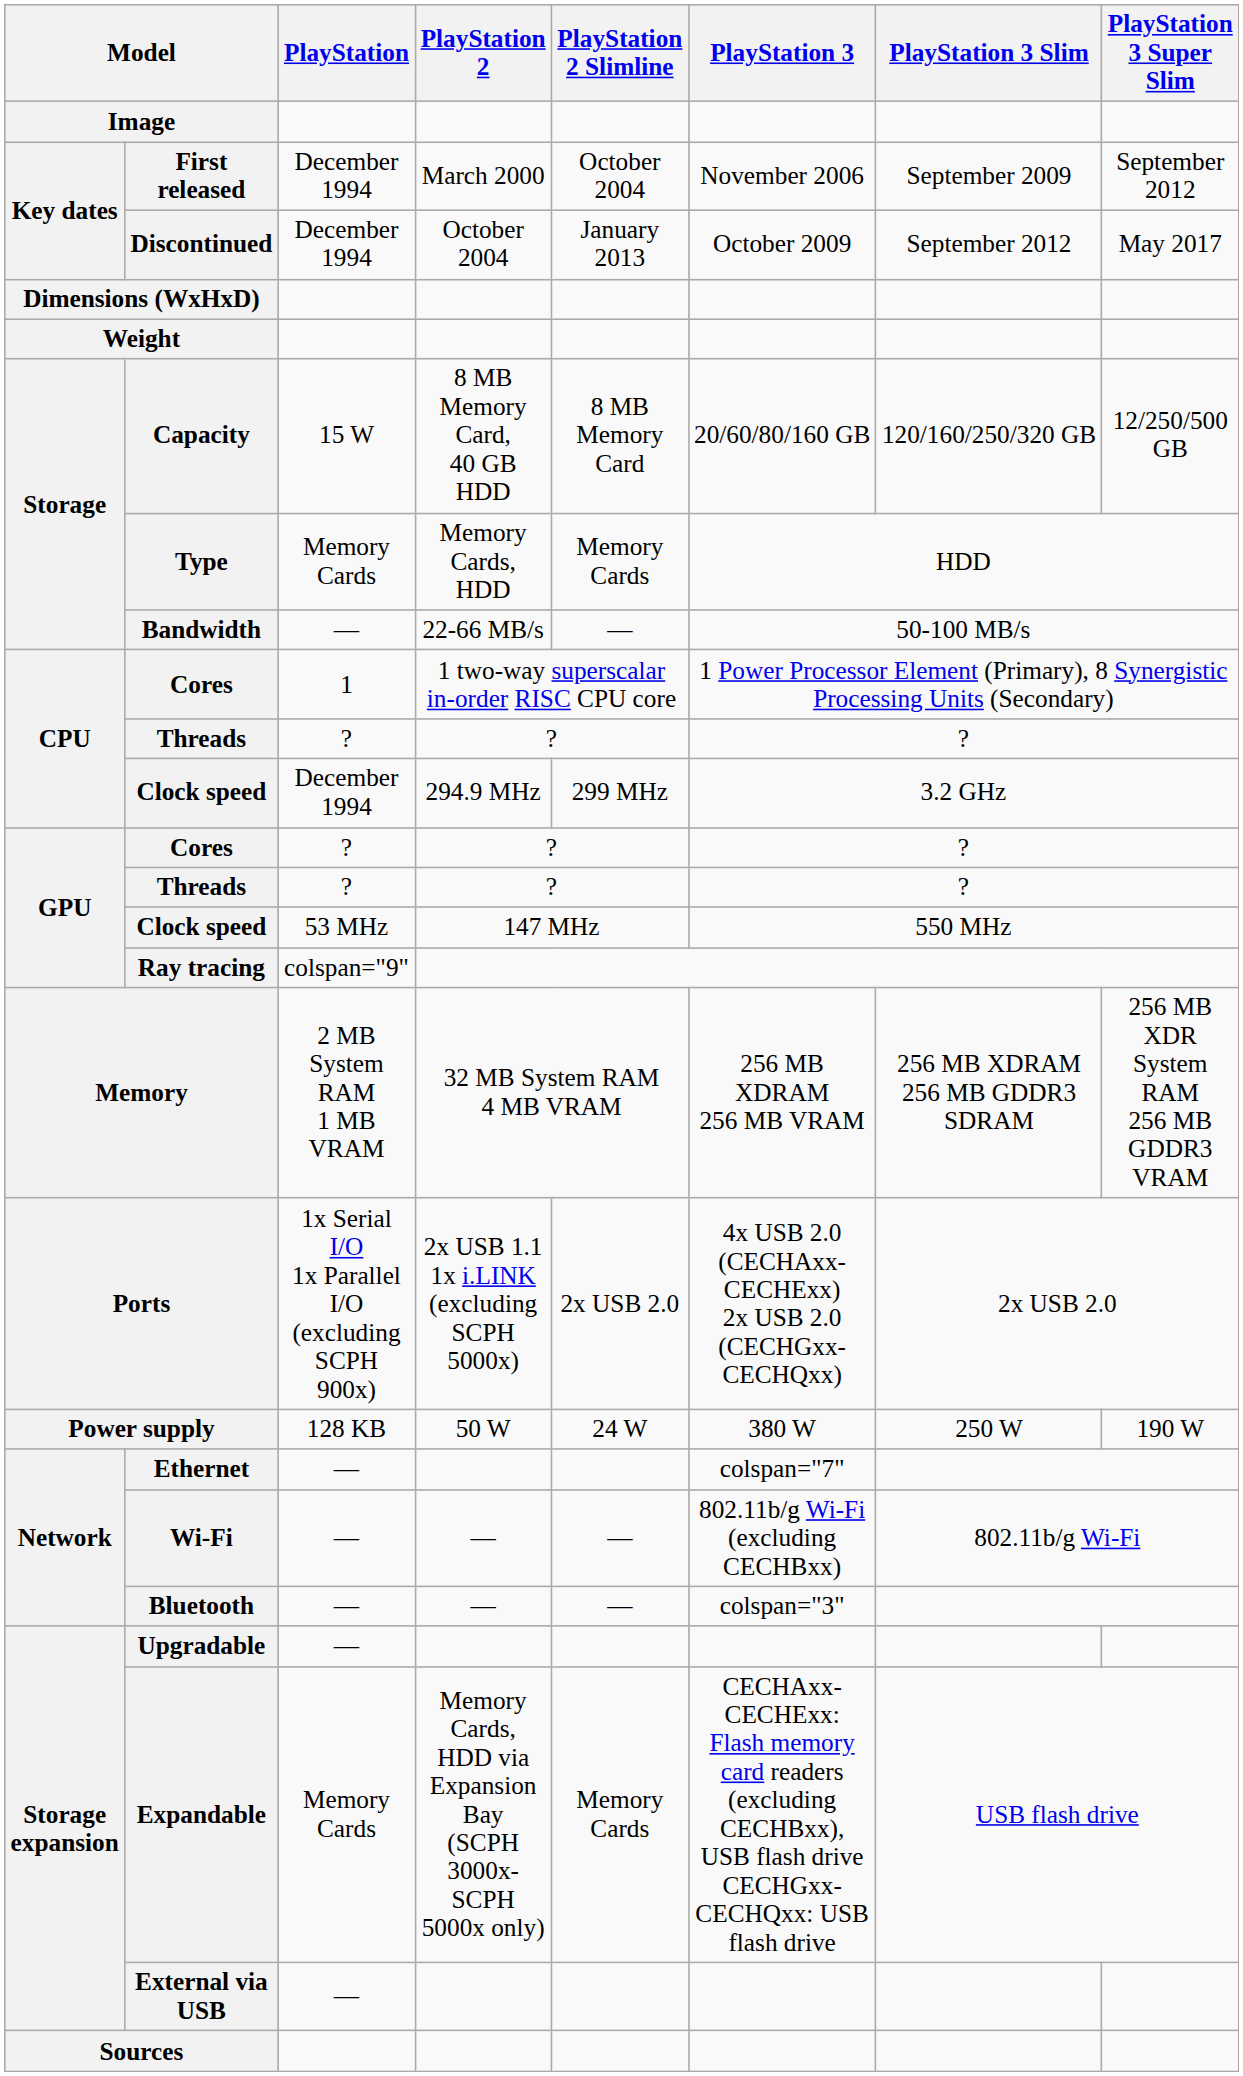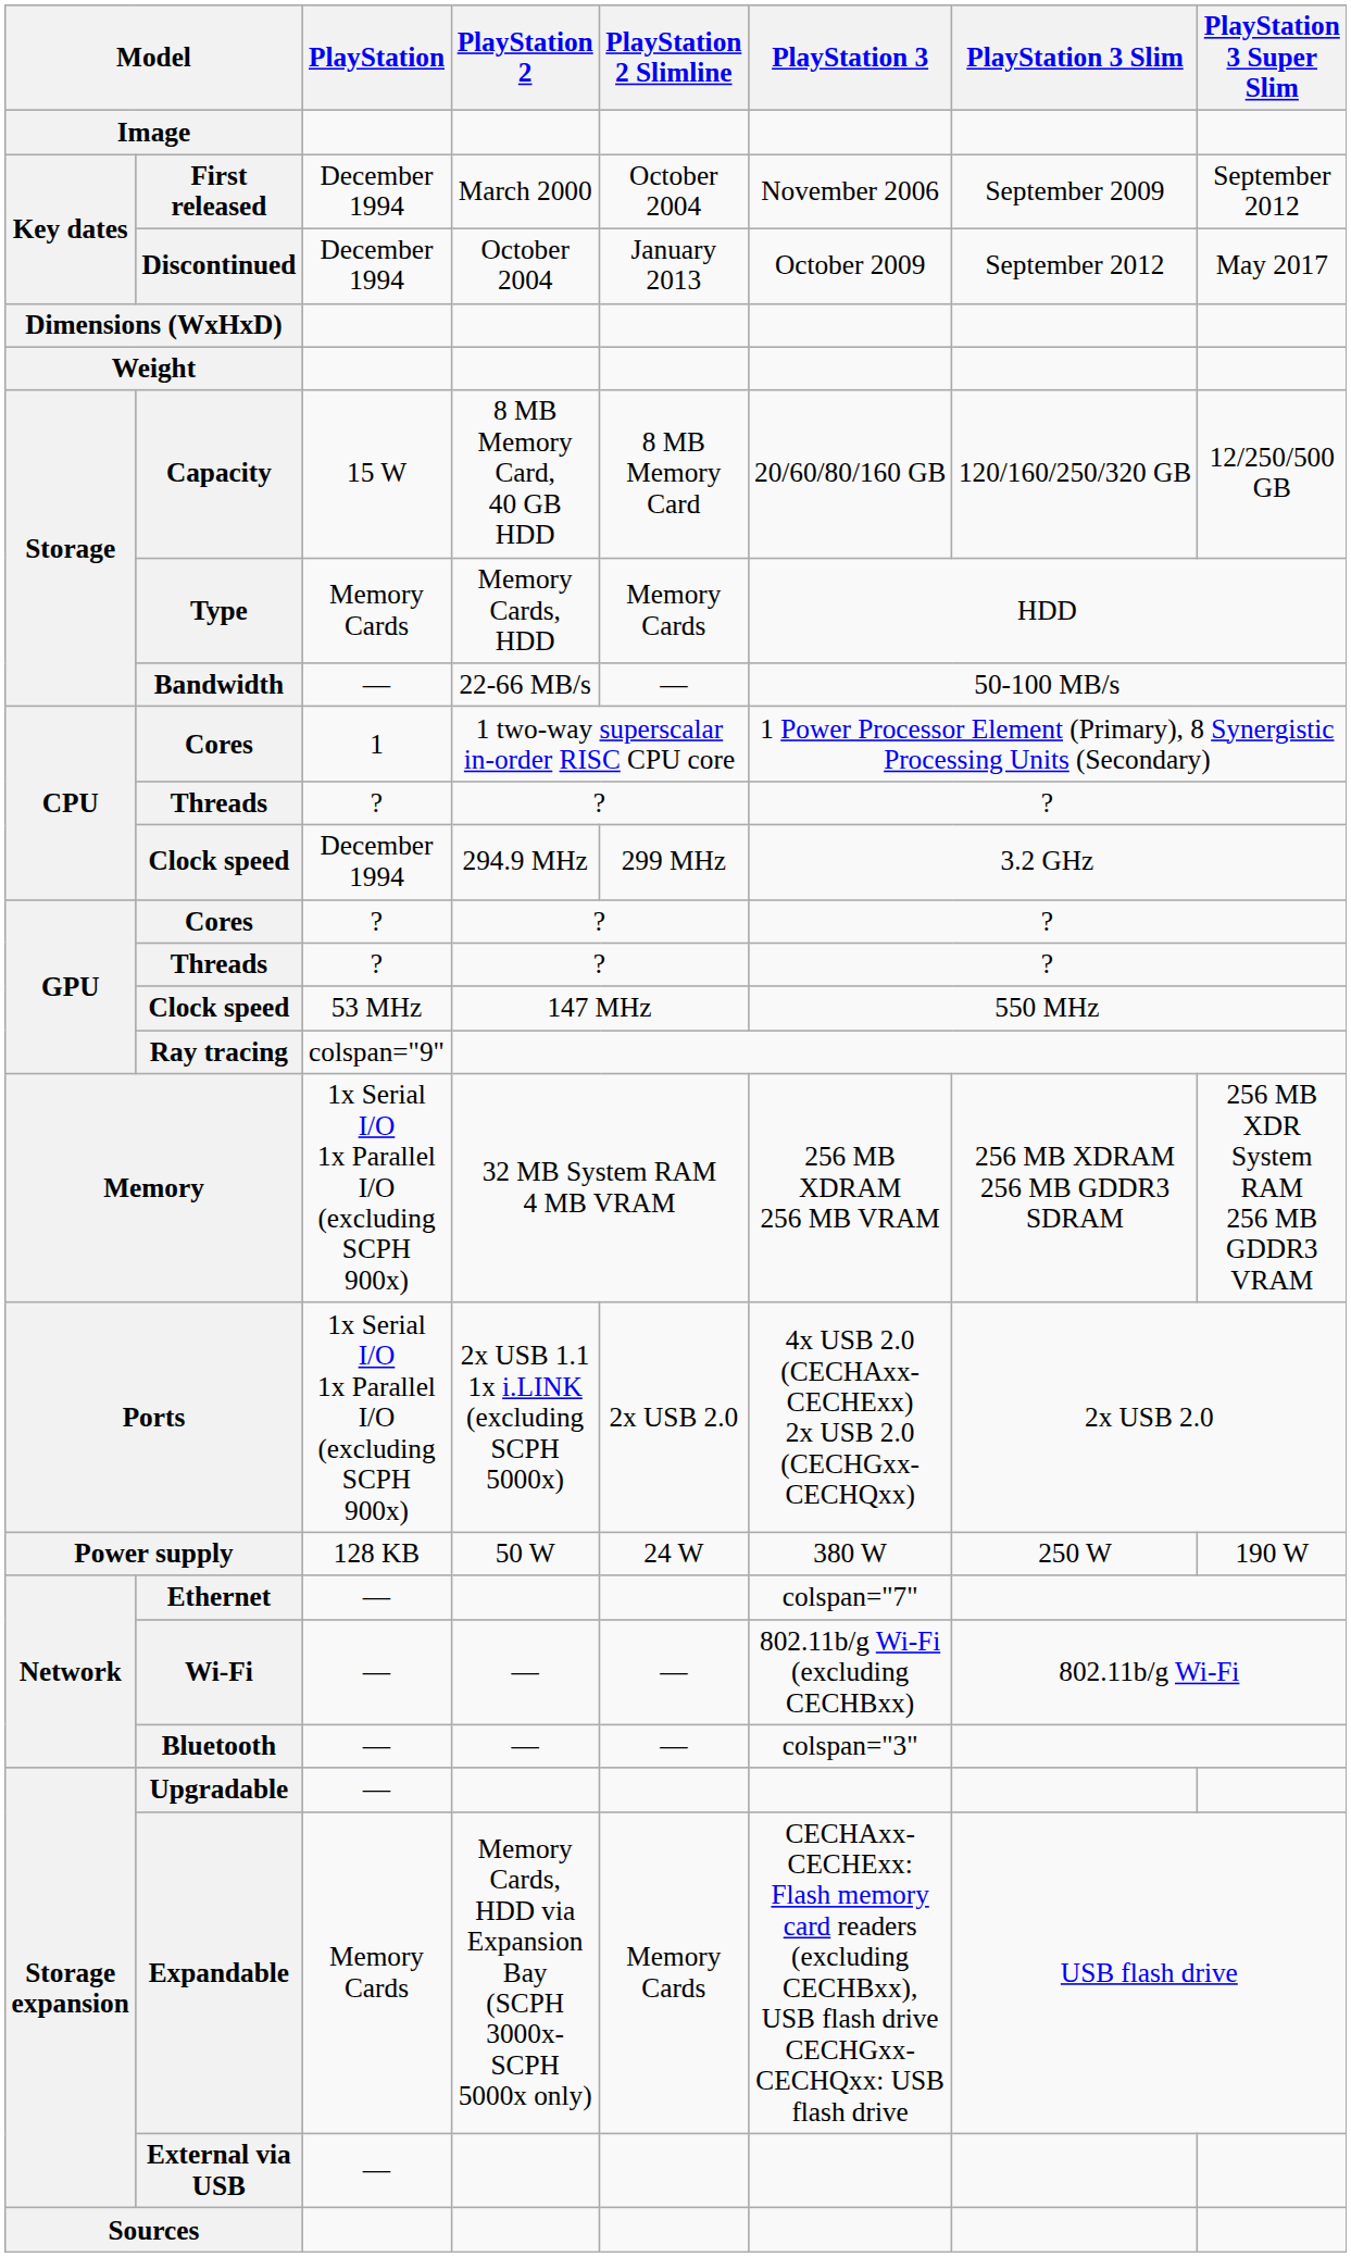 <table class="wikitable mw-collapsible" style="text-align:center;">
 <tr>
 <th colspan="2">Model</th>
 <th><a href='#'>PlayStation</a></th>
 <th><a href='#'>PlayStation 2</a></th>
 <th><a href='#'>PlayStation 2 Slimline</a></th>
 <th><a href='#'>PlayStation 3</a></th>
 <th><a href='#'>PlayStation 3 Slim</a></th>
 <th><a href='#'>PlayStation 3 Super Slim</a></th>
 </tr>
 <tr>
 <th colspan="2">Image</th>
 <td></td>
 <td></td>
 <td></td>
 <td></td>
 <td></td>
 <td></td>
 </tr>
 <tr>
 <th rowspan="2">Key dates</th>
 <th>First released</th>
 <td>December 1994</td>
 <td>March 2000</td>
 <td>October 2004</td>
 <td>November 2006</td>
 <td>September 2009</td>
 <td>September 2012</td>
 </tr>
 <tr>
 <th>Discontinued</th>
 <td>December 1994</td>
 <td>October 2004</td>
 <td>January 2013</td>
 <td>October 2009</td>
 <td>September 2012</td>
 <td>May 2017</td>
 </tr>
 <tr>
 <th colspan="2">Dimensions (WxHxD)</th>
 <td></td>
 <td></td>
 <td></td>
 <td></td>
 <td></td>
 <td></td>
 </tr>
 <tr>
 <th colspan="2">Weight</th>
 <td></td>
 <td></td>
 <td></td>
 <td></td>
 <td></td>
 <td></td>
 </tr>
 <tr>
 <th rowspan="3">Storage</th>
 <th>Capacity</th>
 <td>15 W</td>
 <td>8 MB Memory Card, 40 GB HDD</td>
 <td>8 MB Memory Card</td>
 <td>20/60/80/160 GB</td>
 <td>120/160/250/320 GB</td>
 <td>12/250/500 GB</td>
 </tr>
 <tr>
 <th>Type</th>
 <td>Memory Cards</td>
 <td>Memory Cards, HDD</td>
 <td>Memory Cards</td>
 <td colspan="4">HDD</td>
 </tr>
 <tr>
 <th>Bandwidth</th>
 <td>—</td>
 <td>22-66 MB/s</td>
 <td>—</td>
 <td colspan="3">50-100 MB/s</td>
 </tr>
 <tr>
 <th rowspan="3">CPU</th>
 <th>Cores</th>
 <td>1</td>
 <td colspan="2">1 two-way <a href='#'>superscalar</a> <a href='#'>in-order</a> <a href='#'>RISC</a> CPU core</td>
 <td colspan="3">1 <a href='#'>Power Processor Element</a> (Primary), 8 <a href='#'>Synergistic Processing Units</a> (Secondary)</td>
 </tr>
 <tr>
 <th>Threads</th>
 <td>?</td>
 <td colspan="2">?</td>
 <td colspan="3">?</td>
 </tr>
 <tr>
 <th>Clock speed</th>
 <td>December 1994</td>
 <td>294.9 MHz</td>
 <td>299 MHz</td>
 <td colspan="3">3.2 GHz</td>
 </tr>
 <tr>
 <th rowspan="4">GPU</th>
 <th>Cores</th>
 <td>?</td>
 <td colspan="2">?</td>
 <td colspan="3">?</td>
 </tr>
 <tr>
 <th>Threads</th>
 <td>?</td>
 <td colspan="2">?</td>
 <td colspan="3">?</td>
 </tr>
 <tr>
 <th>Clock speed</th>
 <td>53 MHz</td>
 <td colspan="2">147 MHz</td>
 <td colspan="3">550 MHz</td>
 </tr>
 <tr>
 <th>Ray tracing</th>
 <td>colspan="9" </td>
 </tr>
 <tr>
 <th colspan="2">Memory</th>
-<td>2 MB System RAM<br>1 MB VRAM</td>
+<td>1x Serial <a href='#'>I/O</a><br>1x Parallel I/O (excluding SCPH 900x)</td>
 <td colspan="2">32 MB System RAM<br>4 MB VRAM</td>
 <td>256 MB XDRAM<br>256 MB VRAM</td>
 <td>256 MB XDRAM<br>256 MB GDDR3 SDRAM</td>
 <td>256 MB XDR System RAM<br>256 MB GDDR3 VRAM</td>
 </tr>
 <tr>
 <th colspan="2">Ports</th>
 <td>1x Serial <a href='#'>I/O</a><br>1x Parallel I/O (excluding SCPH 900x)</td>
 <td>2x USB 1.1<br>1x <a href='#'>i.LINK</a> (excluding SCPH 5000x)</td>
 <td>2x USB 2.0</td>
 <td>4x USB 2.0 (CECHAxx-CECHExx)<br>2x USB 2.0 (CECHGxx-CECHQxx)</td>
 <td colspan="3">2x USB 2.0</td>
 </tr>
 <tr>
 <th colspan="2">Power supply</th>
 <td>128 KB</td>
 <td>50 W</td>
 <td>24 W</td>
 <td>380 W</td>
 <td>250 W</td>
 <td>190 W</td>
 </tr>
 <tr>
 <th rowspan="3">Network</th>
 <th>Ethernet</th>
 <td>—</td>
 <td></td>
 <td></td>
 <td>colspan="7" </td>
 </tr>
 <tr>
 <th>Wi-Fi</th>
 <td>—</td>
 <td>—</td>
 <td>—</td>
 <td>802.11b/g <a href='#'>Wi-Fi</a> (excluding CECHBxx)</td>
 <td colspan="2">802.11b/g <a href='#'>Wi-Fi</a></td>
 </tr>
 <tr>
 <th>Bluetooth</th>
 <td>—</td>
 <td>—</td>
 <td>—</td>
 <td>colspan="3" </td>
 </tr>
 <tr>
 <th rowspan="3">Storage<br>expansion</th>
 <th>Upgradable</th>
 <td>—</td>
 <td></td>
 <td></td>
 <td></td>
 <td></td>
 <td></td>
 </tr>
 <tr>
 <th>Expandable</th>
 <td>Memory Cards</td>
 <td>Memory Cards,<br>HDD via Expansion Bay<br>(SCPH 3000x-SCPH 5000x only)</td>
 <td>Memory Cards</td>
 <td>CECHAxx-CECHExx:<br><a href='#'>Flash memory card</a> readers<br>(excluding CECHBxx),  USB flash drive<br>CECHGxx-CECHQxx: USB flash drive</td>
 <td colspan="3"><a href='#'>USB flash drive</a></td>
 </tr>
 <tr>
 <th>External via USB</th>
 <td>—</td>
 <td></td>
 <td></td>
 <td></td>
 <td></td>
 <td></td>
 </tr>
 <tr>
 <th colspan="2">Sources</th>
 <td></td>
 <td></td>
 <td></td>
 <td></td>
 <td></td>
 <td></td>
 </tr>
 </table>
